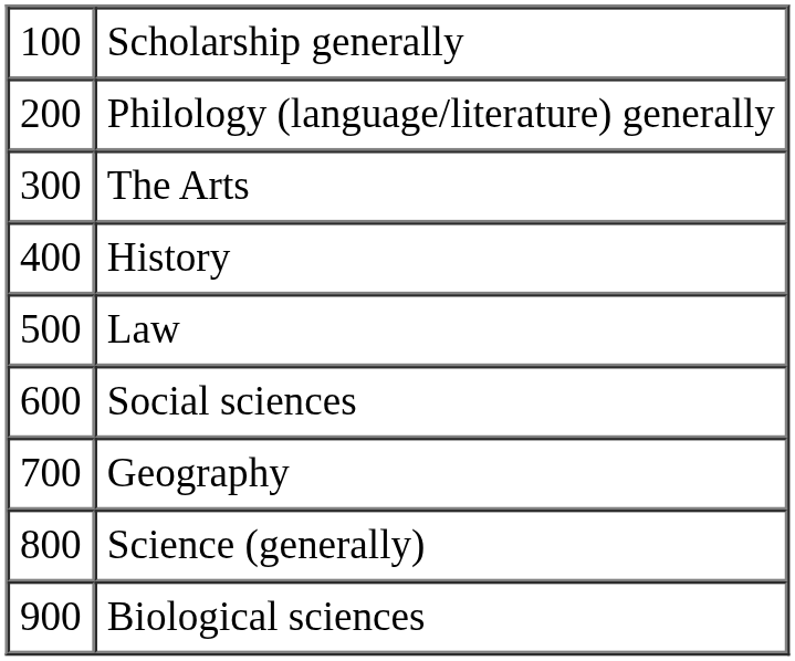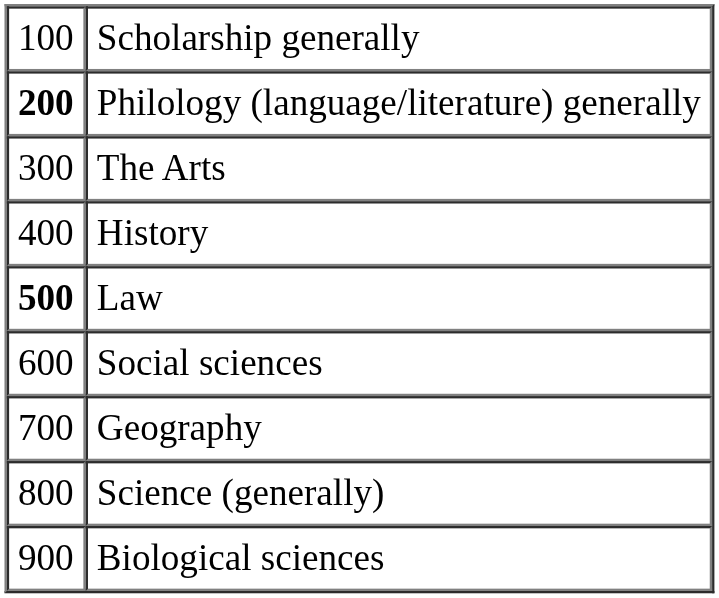 <table border="1" cellpadding="4" cellspacing="0" align="center">
 <tr>
 <td>100</td>
 <td>Scholarship generally</td>
 </tr>
 <tr>
-<td>200</td>
+<td><strong>200</strong></td>
 <td>Philology (language/literature) generally</td>
 </tr>
 <tr>
 <td>300</td>
 <td>The Arts</td>
 </tr>
 <tr>
 <td>400</td>
 <td>History</td>
 </tr>
 <tr>
-<td>500</td>
+<td><strong>500</strong></td>
 <td>Law</td>
 </tr>
 <tr>
 <td>600</td>
 <td>Social sciences</td>
 </tr>
 <tr>
 <td>700</td>
 <td>Geography</td>
 </tr>
 <tr>
 <td>800</td>
 <td>Science (generally)</td>
 </tr>
 <tr>
 <td>900</td>
 <td>Biological sciences</td>
 </tr>
 </table>
